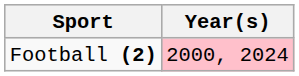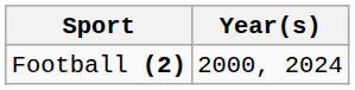 <table class="wikitable">
 <tr>
 <th>Sport</th>
 <th>Year(s)</th>
 </tr>
 <tr>
 <td>Football <strong>(2)</strong></td>
-<td style="background: pink;">2000, 2024</td>
+<td>2000, 2024</td>
 </tr>
 </table>
